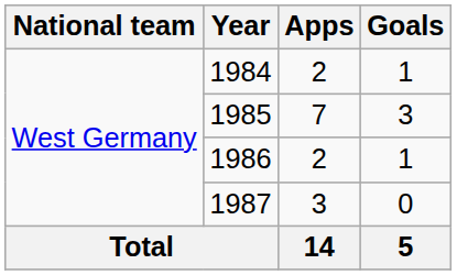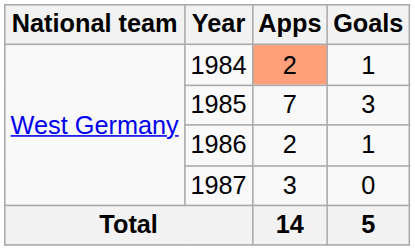 <table class="wikitable" style="text-align:center">
 <tr>
 <th>National team</th>
 <th>Year</th>
 <th>Apps</th>
 <th>Goals</th>
 </tr>
 <tr>
 <td rowspan="4"><a href='#'>West Germany</a></td>
 <td>1984</td>
-<td>2</td>
+<td style="background: lightsalmon;">2</td>
 <td>1</td>
 </tr>
 <tr>
 <td>1985</td>
 <td>7</td>
 <td>3</td>
 </tr>
 <tr>
 <td>1986</td>
 <td>2</td>
 <td>1</td>
 </tr>
 <tr>
 <td>1987</td>
 <td>3</td>
 <td>0</td>
 </tr>
 <tr>
 <th colspan="2">Total</th>
 <th>14</th>
 <th>5</th>
 </tr>
 </table>
